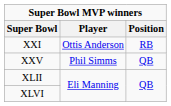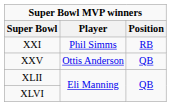 <table class="wikitable" style="text-align:center">
 <tr>
 <td align="center" colspan="3"><strong>Super Bowl MVP winners</strong></td>
 </tr>
 <tr>
 <th>Super Bowl</th>
 <th>Player</th>
 <th>Position</th>
 </tr>
 <tr>
 <td>XXI</td>
-<td><a href='#'>Ottis Anderson</a></td>
+<td><a href='#'>Phil Simms</a></td>
 <td><a href='#'>RB</a></td>
 </tr>
 <tr>
 <td>XXV</td>
-<td><a href='#'>Phil Simms</a></td>
+<td><a href='#'>Ottis Anderson</a></td>
 <td><a href='#'>QB</a></td>
 </tr>
 <tr>
 <td>XLII</td>
 <td rowspan=2><a href='#'>Eli Manning</a></td>
 <td rowspan=2><a href='#'>QB</a></td>
 </tr>
 <tr>
 <td>XLVI</td>
 </tr>
 </table>
